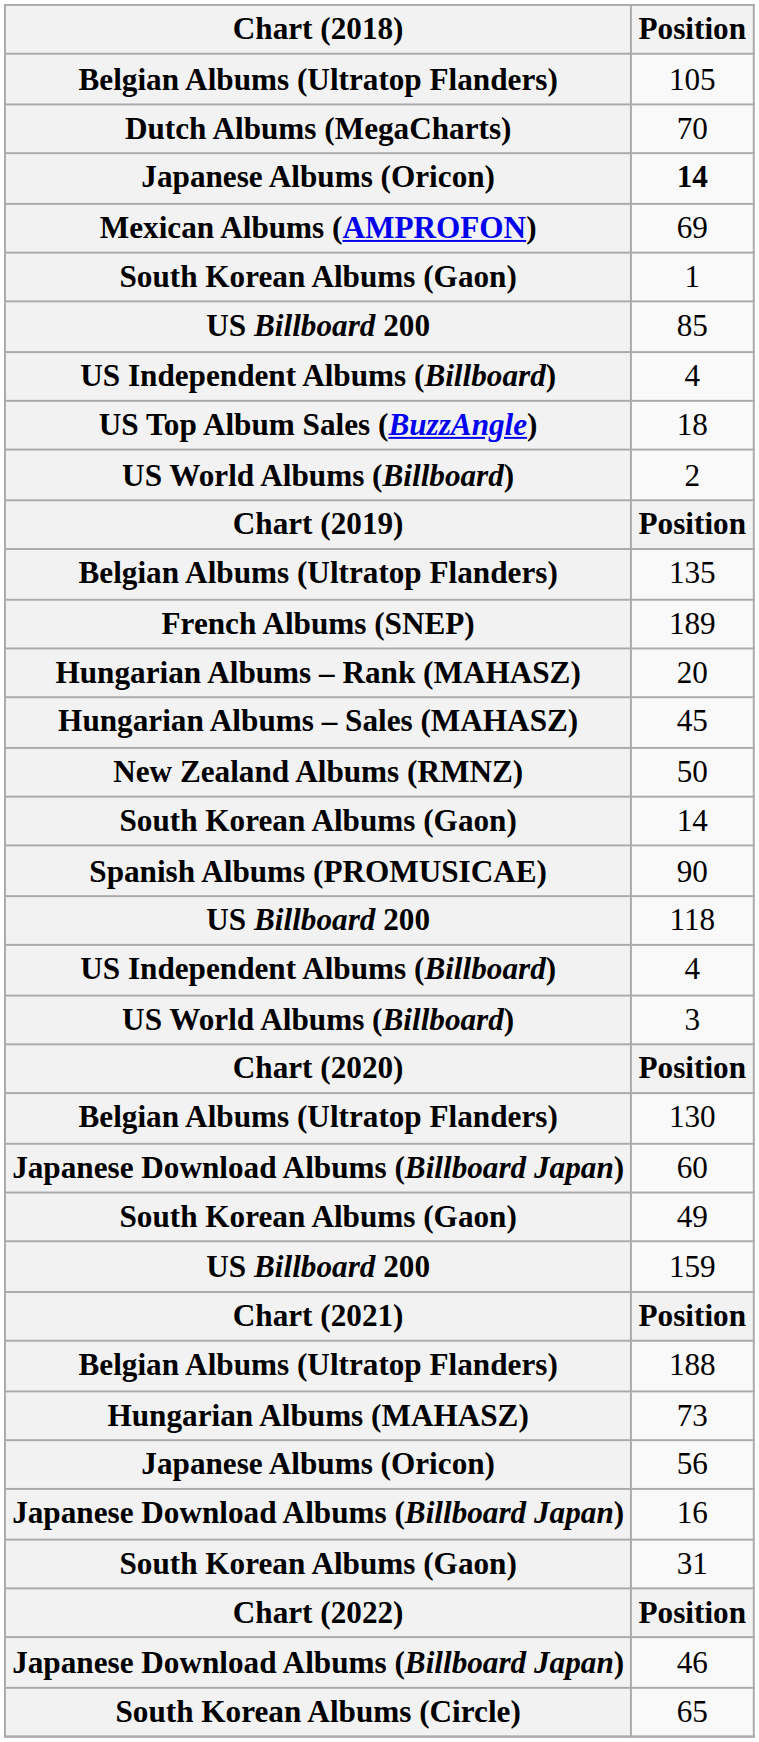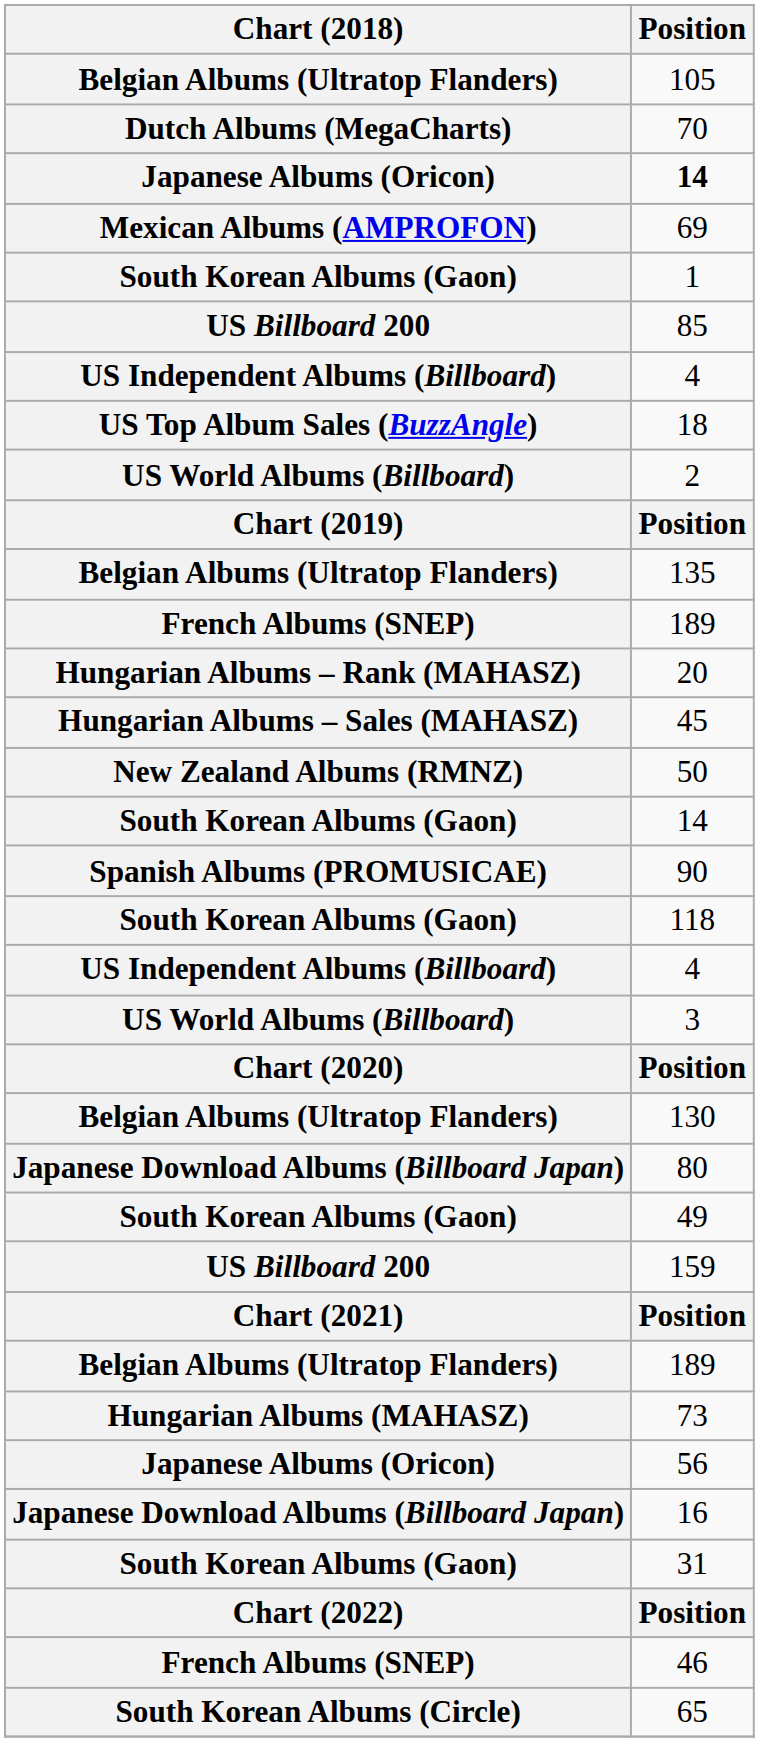 <table class="wikitable sortable plainrowheaders" style="text-align:center">
 <tr>
 <th scope="col">Chart (2018)</th>
 <th scope="col">Position</th>
 </tr>
 <tr>
 <th scope="row">Belgian Albums (Ultratop Flanders)</th>
 <td>105</td>
 </tr>
 <tr>
 <th scope="row">Dutch Albums (MegaCharts)</th>
 <td>70</td>
 </tr>
 <tr>
 <th scope="row">Japanese Albums (Oricon)</th>
 <td><strong>14</strong></td>
 </tr>
 <tr>
 <th scope="row">Mexican Albums (<a href='#'>AMPROFON</a>)</th>
 <td>69</td>
 </tr>
 <tr>
 <th scope="row">South Korean Albums (Gaon)</th>
 <td>1</td>
 </tr>
 <tr>
 <th scope="row">US <em>Billboard</em> 200</th>
 <td>85</td>
 </tr>
 <tr>
 <th scope="row">US Independent Albums (<em>Billboard</em>)</th>
 <td>4</td>
 </tr>
 <tr>
 <th scope="row">US Top Album Sales (<em><a href='#'>BuzzAngle</a></em>)</th>
 <td>18</td>
 </tr>
 <tr>
 <th scope="row">US World Albums (<em>Billboard</em>)</th>
 <td>2</td>
 </tr>
 <tr>
 <th scope="col">Chart (2019)</th>
 <th scope="col">Position</th>
 </tr>
 <tr>
 <th scope="row">Belgian Albums (Ultratop Flanders)</th>
 <td>135</td>
 </tr>
 <tr>
 <th scope="row">French Albums (SNEP)</th>
 <td>189</td>
 </tr>
 <tr>
 <th scope="row">Hungarian Albums – Rank (MAHASZ)</th>
 <td>20</td>
 </tr>
 <tr>
 <th scope="row">Hungarian Albums – Sales (MAHASZ)</th>
 <td>45</td>
 </tr>
 <tr>
 <th scope="row">New Zealand Albums (RMNZ)</th>
 <td>50</td>
 </tr>
 <tr>
 <th scope="row">South Korean Albums (Gaon)</th>
 <td>14</td>
 </tr>
 <tr>
 <th scope="row">Spanish Albums (PROMUSICAE)</th>
 <td>90</td>
 </tr>
 <tr>
-<th scope="row">US <em>Billboard</em> 200</th>
+<th scope="row">South Korean Albums (Gaon)</th>
 <td>118</td>
 </tr>
 <tr>
 <th scope="row">US Independent Albums (<em>Billboard</em>)</th>
 <td>4</td>
 </tr>
 <tr>
 <th scope="row">US World Albums (<em>Billboard</em>)</th>
 <td>3</td>
 </tr>
 <tr>
 <th scope="col">Chart (2020)</th>
 <th scope="col">Position</th>
 </tr>
 <tr>
 <th scope="row">Belgian Albums (Ultratop Flanders)</th>
 <td>130</td>
 </tr>
 <tr>
 <th scope="row">Japanese Download Albums (<em>Billboard Japan</em>)</th>
-<td>60</td>
+<td>80</td>
 </tr>
 <tr>
 <th scope="row">South Korean Albums (Gaon)</th>
 <td>49</td>
 </tr>
 <tr>
 <th scope="row">US <em>Billboard</em> 200</th>
 <td>159</td>
 </tr>
 <tr>
 <th scope="col">Chart (2021)</th>
 <th scope="col">Position</th>
 </tr>
 <tr>
 <th scope="row">Belgian Albums (Ultratop Flanders)</th>
-<td>188</td>
+<td>189</td>
 </tr>
 <tr>
 <th scope="row">Hungarian Albums (MAHASZ)</th>
 <td>73</td>
 </tr>
 <tr>
 <th scope="row">Japanese Albums (Oricon)</th>
 <td>56</td>
 </tr>
 <tr>
 <th scope="row">Japanese Download Albums (<em>Billboard Japan</em>)</th>
 <td>16</td>
 </tr>
 <tr>
 <th scope="row">South Korean Albums (Gaon)</th>
 <td>31</td>
 </tr>
 <tr>
 <th scope="col">Chart (2022)</th>
 <th scope="col">Position</th>
 </tr>
 <tr>
-<th scope="row">Japanese Download Albums (<em>Billboard Japan</em>)</th>
+<th scope="row">French Albums (SNEP)</th>
 <td>46</td>
 </tr>
 <tr>
 <th scope="row">South Korean Albums (Circle)</th>
 <td>65</td>
 </tr>
 <tr>
 </tr>
 </table>
